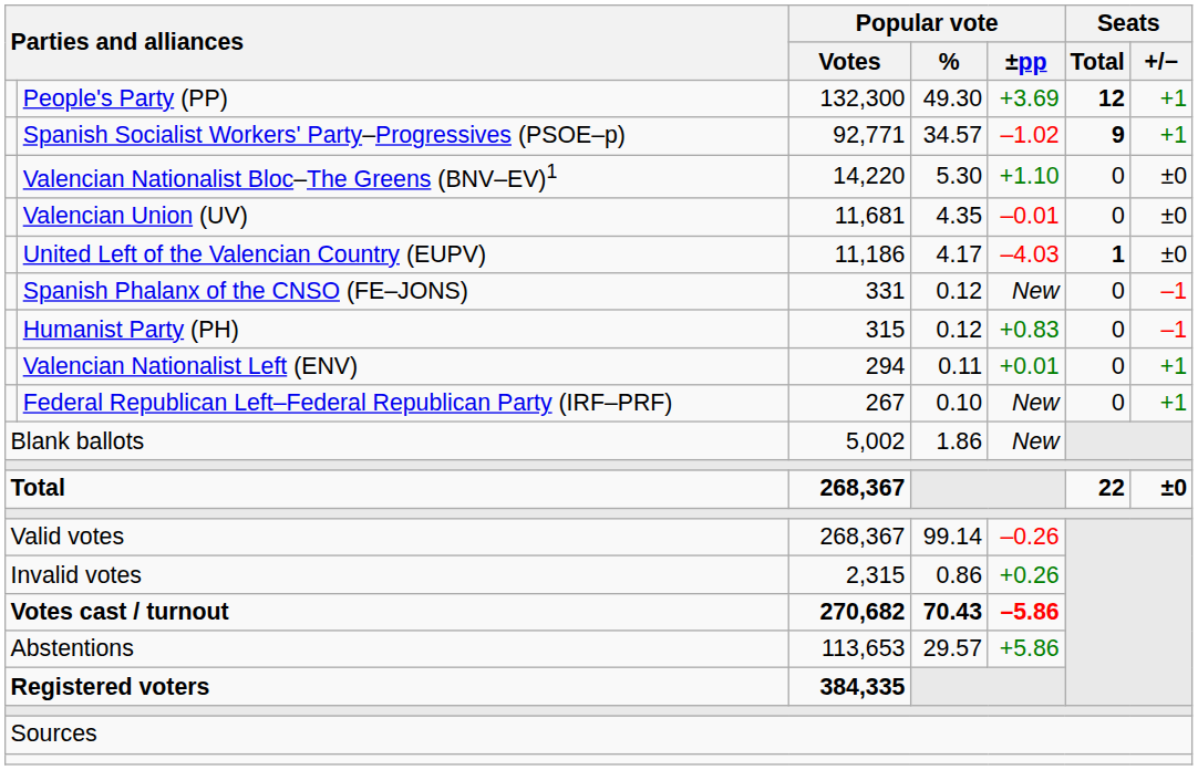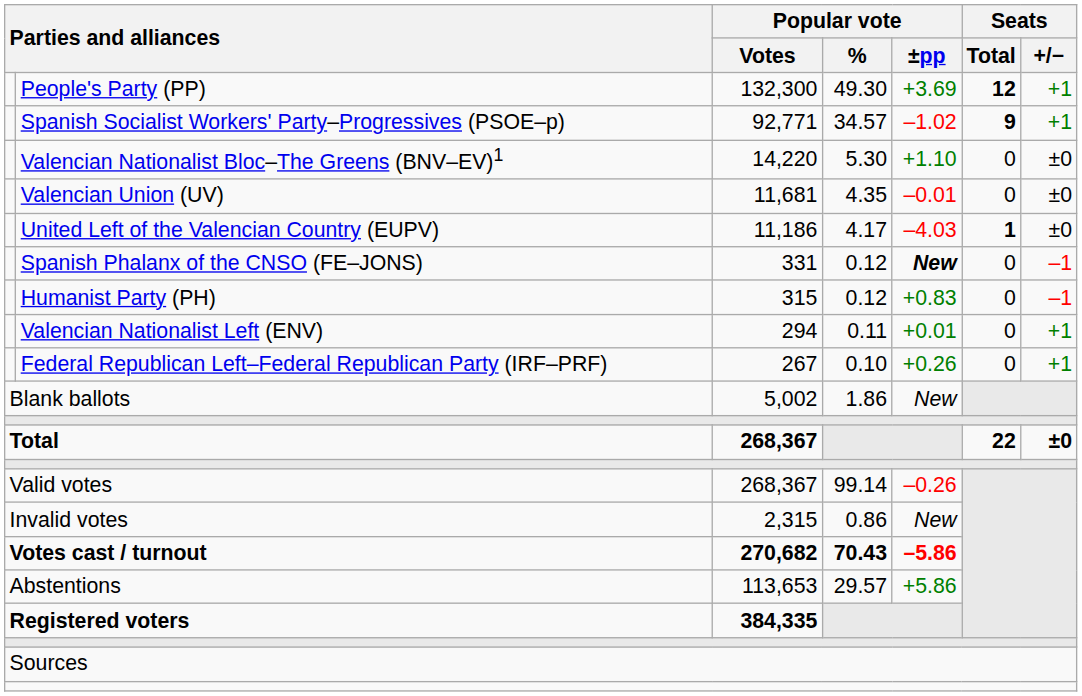 <table class="wikitable" style="text-align:right;">
 <tr>
 <th style="text-align:left;" rowspan="2" colspan="2" width="525">Parties and alliances</th>
 <th colspan="3">Popular vote</th>
 <th colspan="2">Seats</th>
 </tr>
 <tr>
 <th width="75">Votes</th>
 <th width="45">%</th>
 <th width="45">±<a href='#'>pp</a></th>
 <th width="35">Total</th>
 <th width="35">+/−</th>
 </tr>
 <tr>
 <td width="1" style="color:inherit;background:"></td>
 <td align="left"><a href='#'>People's Party</a> (PP)</td>
 <td>132,300</td>
 <td>49.30</td>
 <td style="color:green;">+3.69</td>
 <td><strong>12</strong></td>
 <td style="color:green;">+1</td>
 </tr>
 <tr>
 <td style="color:inherit;background:"></td>
 <td align="left"><a href='#'>Spanish Socialist Workers' Party</a>–<a href='#'>Progressives</a> (PSOE–p)</td>
 <td>92,771</td>
 <td>34.57</td>
 <td style="color:red;">–1.02</td>
 <td><strong>9</strong></td>
 <td style="color:green;">+1</td>
 </tr>
 <tr>
 <td style="color:inherit;background:"></td>
 <td align="left"><a href='#'>Valencian Nationalist Bloc</a>–<a href='#'>The Greens</a> (BNV–EV)<sup>1</sup></td>
 <td>14,220</td>
 <td>5.30</td>
 <td style="color:green;">+1.10</td>
 <td>0</td>
 <td>±0</td>
 </tr>
 <tr>
 <td style="color:inherit;background:"></td>
 <td align="left"><a href='#'>Valencian Union</a> (UV)</td>
 <td>11,681</td>
 <td>4.35</td>
 <td style="color:red;">–0.01</td>
 <td>0</td>
 <td>±0</td>
 </tr>
 <tr>
 <td style="color:inherit;background:"></td>
 <td align="left"><a href='#'>United Left of the Valencian Country</a> (EUPV)</td>
 <td>11,186</td>
 <td>4.17</td>
 <td style="color:red;">–4.03</td>
 <td><strong>1</strong></td>
 <td>±0</td>
 </tr>
 <tr>
 <td style="color:inherit;background:"></td>
 <td align="left"><a href='#'>Spanish Phalanx of the CNSO</a> (FE–JONS)</td>
 <td>331</td>
 <td>0.12</td>
-<td><em>New</em></td>
+<td><strong><em>New</em></strong></td>
 <td>0</td>
 <td style="color:red;">–1</td>
 </tr>
 <tr>
 <td style="color:inherit;background:"></td>
 <td align="left"><a href='#'>Humanist Party</a> (PH)</td>
 <td>315</td>
 <td>0.12</td>
 <td style="color:green;">+0.83</td>
 <td>0</td>
 <td style="color:red;">–1</td>
 </tr>
 <tr>
 <td style="color:inherit;background:"></td>
 <td align="left"><a href='#'>Valencian Nationalist Left</a> (ENV)</td>
 <td>294</td>
 <td>0.11</td>
 <td style="color:green;">+0.01</td>
 <td>0</td>
 <td style="color:green;">+1</td>
 </tr>
 <tr>
 <td style="color:inherit;background:"></td>
 <td align="left"><a href='#'>Federal Republican Left–Federal Republican Party</a> (IRF–PRF)</td>
 <td>267</td>
 <td>0.10</td>
-<td><em>New</em></td>
+<td style="color:green;">+0.26</td>
 <td>0</td>
 <td style="color:green;">+1</td>
 </tr>
 <tr>
 <td align="left" colspan="2">Blank ballots</td>
 <td>5,002</td>
 <td>1.86</td>
 <td><em>New</em></td>
 <td bgcolor="#E9E9E9" colspan="2"></td>
 </tr>
 <tr>
 <td colspan="7" bgcolor="#E9E9E9"></td>
 </tr>
 <tr style="font-weight:bold;">
 <td align="left" colspan="2">Total</td>
 <td>268,367</td>
 <td bgcolor="#E9E9E9" colspan="2"></td>
 <td>22</td>
 <td>±0</td>
 </tr>
 <tr>
 <td colspan="7" bgcolor="#E9E9E9"></td>
 </tr>
 <tr>
 <td align="left" colspan="2">Valid votes</td>
 <td>268,367</td>
 <td>99.14</td>
 <td style="color:red;">–0.26</td>
 <td bgcolor="#E9E9E9" colspan="2" rowspan="5"></td>
 </tr>
 <tr>
 <td align="left" colspan="2">Invalid votes</td>
 <td>2,315</td>
 <td>0.86</td>
-<td style="color:green;">+0.26</td>
+<td><em>New</em></td>
 </tr>
 <tr style="font-weight:bold;">
 <td align="left" colspan="2">Votes cast / turnout</td>
 <td>270,682</td>
 <td>70.43</td>
 <td style="color:red;">–5.86</td>
 </tr>
 <tr>
 <td align="left" colspan="2">Abstentions</td>
 <td>113,653</td>
 <td>29.57</td>
 <td style="color:green;">+5.86</td>
 </tr>
 <tr style="font-weight:bold;">
 <td align="left" colspan="2">Registered voters</td>
 <td>384,335</td>
 <td bgcolor="#E9E9E9" colspan="2"></td>
 </tr>
 <tr>
 <td colspan="7" bgcolor="#E9E9E9"></td>
 </tr>
 <tr>
 <td align="left" colspan="7">Sources</td>
 </tr>
 <tr>
 <td colspan="7" style="text-align:left; max-width:790px;"></td>
 </tr>
 </table>
